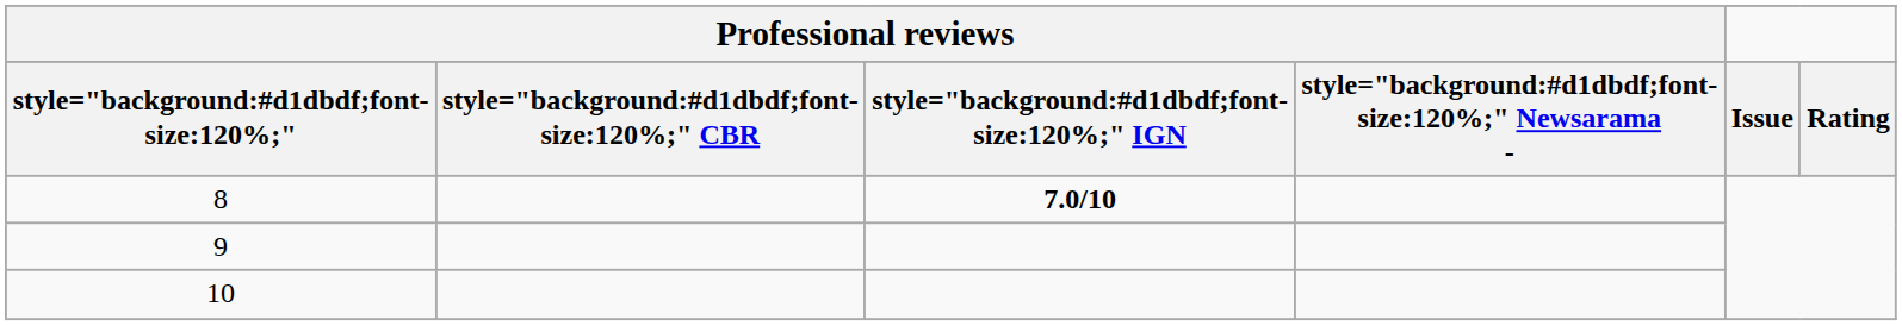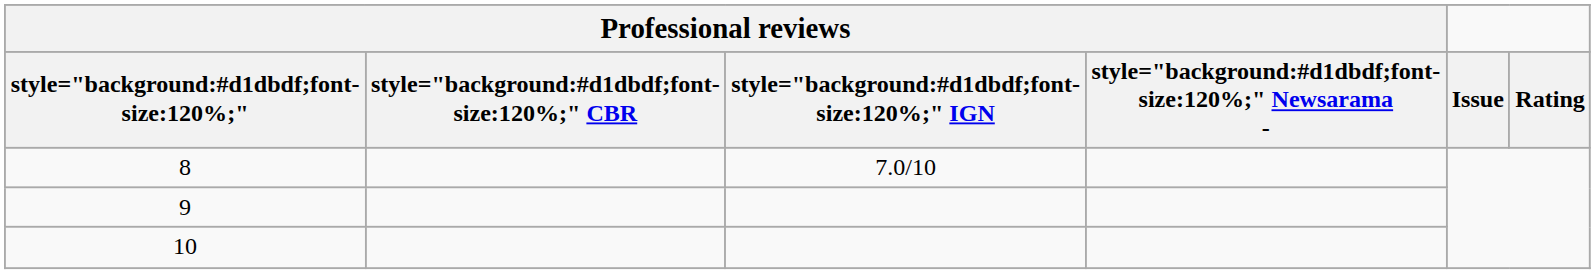 <table class="wikitable floatright" style="width:24.2em; font-size: 80%; text-align: center;">
 <tr>
 <th colspan="4" style="font-size:120%;">Professional reviews</th>
 </tr>
 <tr>
 <th>style="background:#d1dbdf;font-size:120%;" </th>
 <th>style="background:#d1dbdf;font-size:120%;"  <a href='#'>CBR</a></th>
 <th>style="background:#d1dbdf;font-size:120%;"  <a href='#'>IGN</a></th>
 <th>style="background:#d1dbdf;font-size:120%;"  <a href='#'>Newsarama</a><br>-</th>
 <th>Issue</th>
 <th colspan="3">Rating</th>
 </tr>
 <tr>
 <td>8</td>
 <td></td>
-<td><strong>7.0/10</strong></td>
+<td>7.0/10</td>
 <td></td>
 </tr>
 <tr>
 <td>9</td>
 <td></td>
 <td></td>
 <td></td>
 </tr>
 <tr>
 <td>10</td>
 <td></td>
 <td></td>
 <td></td>
 </tr>
 </table>
